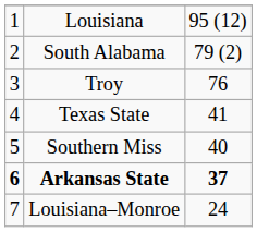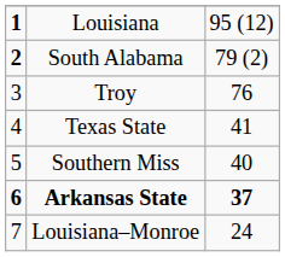 <table class="wikitable" style="display: inline-table;">
 <tr align="center">
 </tr>
 <tr align="center">
-<td>1</td>
+<td><strong>1</strong></td>
 <td>Louisiana</td>
 <td>95 (12)</td>
 </tr>
 <tr align="center">
-<td>2</td>
+<td><strong>2</strong></td>
 <td>South Alabama</td>
 <td>79 (2)</td>
 </tr>
 <tr align="center">
 <td>3</td>
 <td>Troy</td>
 <td>76</td>
 </tr>
 <tr align="center">
 <td>4</td>
 <td>Texas State</td>
 <td>41</td>
 </tr>
 <tr align="center">
 <td>5</td>
 <td>Southern Miss</td>
 <td>40</td>
 </tr>
 <tr align="center">
 <td><strong>6</strong></td>
 <td><strong>Arkansas State</strong></td>
 <td><strong>37</strong></td>
 </tr>
 <tr align="center">
 <td>7</td>
 <td>Louisiana–Monroe</td>
 <td>24</td>
 </tr>
 </table>
